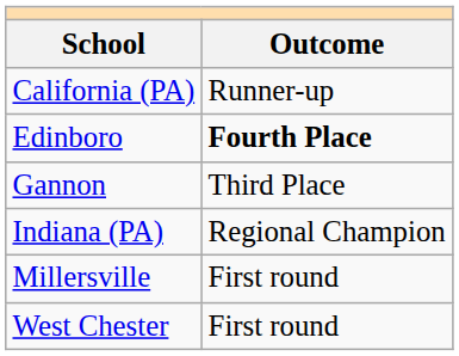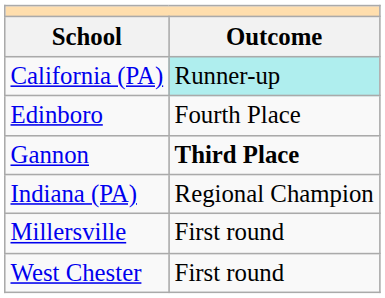 <table class="wikitable" style="float:left; margin-right:1em;">
 <tr>
 <th colspan="3" style="background:#ffdead;"></th>
 </tr>
 <tr>
 <th>School</th>
 <th>Outcome</th>
 </tr>
 <tr>
 <td><a href='#'>California (PA)</a></td>
-<td>Runner-up</td>
+<td style="background: paleturquoise;">Runner-up</td>
 </tr>
 <tr>
 <td><a href='#'>Edinboro</a></td>
-<td><strong>Fourth Place</strong></td>
+<td>Fourth Place</td>
 </tr>
 <tr>
 <td><a href='#'>Gannon</a></td>
-<td>Third Place</td>
+<td><strong>Third Place</strong></td>
 </tr>
 <tr>
 <td><a href='#'>Indiana (PA)</a></td>
 <td>Regional Champion</td>
 </tr>
 <tr>
 <td><a href='#'>Millersville</a></td>
 <td>First round</td>
 </tr>
 <tr>
 <td><a href='#'>West Chester</a></td>
 <td>First round</td>
 </tr>
 </table>
